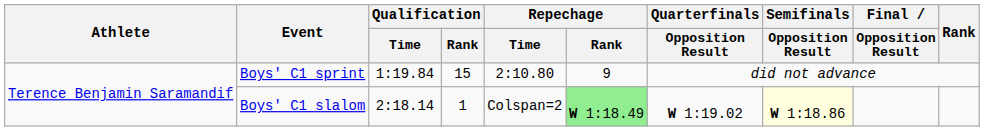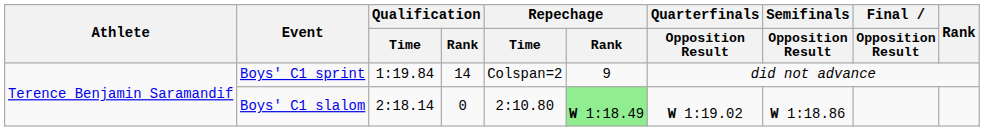 <table class="wikitable" style="font-size:90%">
 <tr>
 <th rowspan=2>Athlete</th>
 <th rowspan=2>Event</th>
 <th colspan=2>Qualification</th>
 <th colspan=2>Repechage</th>
 <th>Quarterfinals</th>
 <th>Semifinals</th>
 <th>Final / </th>
 <th rowspan=2>Rank</th>
 </tr>
 <tr style="font-size:95%">
 <th>Time</th>
 <th>Rank</th>
 <th>Time</th>
 <th>Rank</th>
 <th>Opposition <br>Result</th>
 <th>Opposition <br>Result</th>
 <th>Opposition <br>Result</th>
 </tr>
 <tr align="center">
 <td align="left" rowspan=2><a href='#'>Terence Benjamin Saramandif</a></td>
 <td align="left"><a href='#'>Boys' C1 sprint</a></td>
 <td>1:19.84</td>
-<td>15</td>
-<td>2:10.80</td>
+<td>14</td>
+<td>Colspan=2 </td>
 <td>9</td>
 <td Colspan=4><em>did not advance</em></td>
 </tr>
 <tr align="center">
 <td align="left"><a href='#'>Boys' C1 slalom</a></td>
 <td>2:18.14</td>
-<td>1</td>
-<td>Colspan=2 </td>
+<td>0</td>
+<td>2:10.80</td>
 <td style="background: lightgreen;"><br><strong>W</strong> 1:18.49</td>
 <td><br><strong>W</strong> 1:19.02</td>
-<td style="background: lightyellow;"><br><strong>W</strong> 1:18.86</td>
+<td><br><strong>W</strong> 1:18.86</td>
 <td></td>
 </tr>
 </table>
